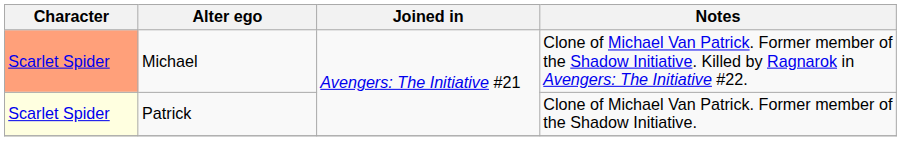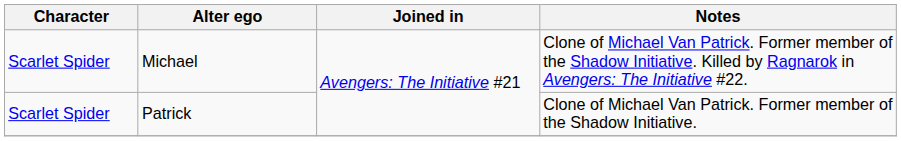 <table class="wikitable" width=100%>
 <tr>
 <th width=15%>Character</th>
 <th width=20%>Alter ego</th>
 <th width=25%>Joined in</th>
 <th width=40%>Notes</th>
 </tr>
 <tr>
-<td style="background: lightsalmon;"><a href='#'>Scarlet Spider</a></td>
+<td><a href='#'>Scarlet Spider</a></td>
 <td>Michael</td>
 <td rowspan="2"><em><a href='#'>Avengers: The Initiative</a></em> #21</td>
 <td>Clone of <a href='#'>Michael Van Patrick</a>. Former member of the <a href='#'>Shadow Initiative</a>. Killed by <a href='#'>Ragnarok</a> in <em><a href='#'>Avengers: The Initiative</a></em> #22.</td>
 </tr>
 <tr>
-<td style="background: lightyellow;"><a href='#'>Scarlet Spider</a></td>
+<td><a href='#'>Scarlet Spider</a></td>
 <td>Patrick</td>
 <td>Clone of Michael Van Patrick. Former member of the Shadow Initiative.</td>
 </tr>
 <tr>
 </tr>
 </table>
